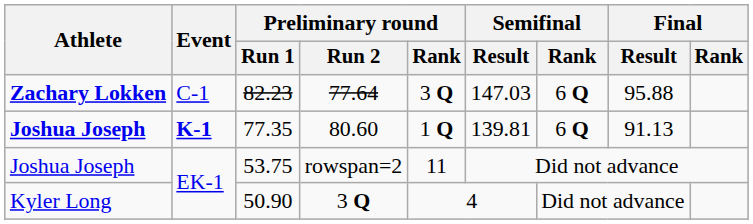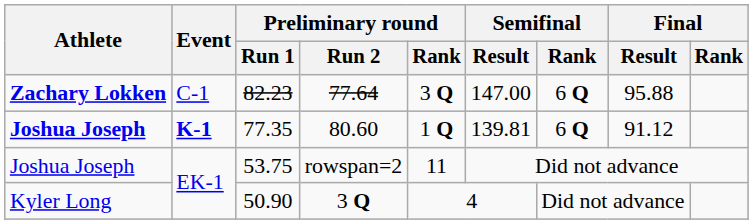 <table class=wikitable style=font-size:90%;text-align:center>
 <tr>
 <th rowspan=2>Athlete</th>
 <th rowspan=2>Event</th>
 <th colspan=3>Preliminary round</th>
 <th colspan=2>Semifinal</th>
 <th colspan=2>Final</th>
 </tr>
 <tr style=font-size:95%>
 <th>Run 1</th>
 <th>Run 2</th>
 <th>Rank</th>
 <th>Result</th>
 <th>Rank</th>
 <th>Result</th>
 <th>Rank</th>
 </tr>
 <tr>
 <td align=left><strong><a href='#'>Zachary Lokken</a></strong></td>
 <td align=left><a href='#'>C-1</a></td>
 <td><s>82.23</s></td>
 <td><s>77.64</s></td>
 <td>3 <strong>Q</strong></td>
-<td>147.03</td>
+<td>147.00</td>
 <td>6 <strong>Q</strong></td>
 <td>95.88</td>
 <td></td>
 </tr>
 <tr>
 <td align=left><strong><a href='#'>Joshua Joseph</a></strong></td>
 <td align=left><strong><a href='#'>K-1</a></strong></td>
 <td>77.35</td>
 <td>80.60</td>
 <td>1 <strong>Q</strong></td>
 <td>139.81</td>
 <td>6 <strong>Q</strong></td>
-<td>91.13</td>
+<td>91.12</td>
 <td></td>
 </tr>
 <tr>
 <td align=left><a href='#'>Joshua Joseph</a></td>
 <td align=left rowspan=2><a href='#'>EK-1</a></td>
 <td>53.75</td>
 <td>rowspan=2 </td>
 <td>11</td>
 <td colspan=4>Did not advance</td>
 </tr>
 <tr>
 <td align=left><a href='#'>Kyler Long</a></td>
 <td>50.90</td>
 <td>3 <strong>Q</strong></td>
 <td colspan=2>4</td>
 <td colspan=2>Did not advance</td>
 </tr>
 </table>
